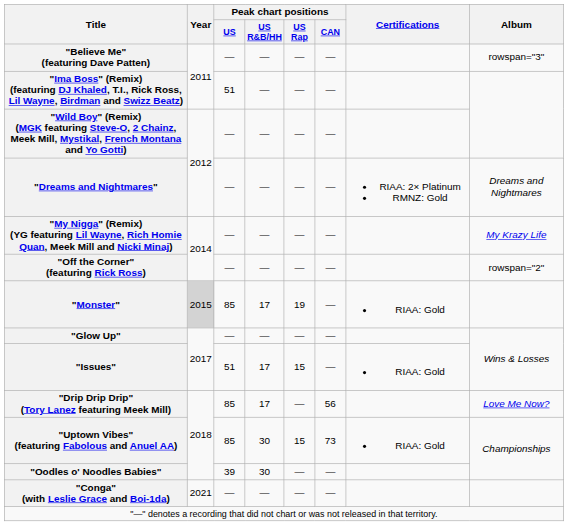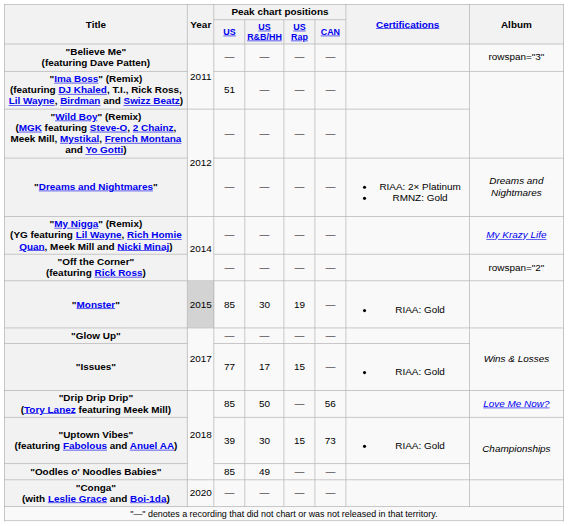 <table class="wikitable plainrowheaders" style="text-align:center;" border="1">
 <tr>
 <th scope="col" rowspan="2" style="width:18em;">Title</th>
 <th scope="col" rowspan="2" style="width:1em;">Year</th>
 <th scope="col" colspan="4">Peak chart positions</th>
 <th scope="col" rowspan="2" style="width:12em;"><a href='#'>Certifications</a></th>
 <th scope="col" rowspan="2" style="width:9em;">Album</th>
 </tr>
 <tr>
 <th style="width:3em; font-size:90%"><a href='#'>US</a><br></th>
 <th style="width:3em; font-size:90%"><a href='#'>US<br>R&B/HH</a><br></th>
 <th style="width:3em; font-size:90%"><a href='#'>US<br>Rap</a><br></th>
 <th style="width:3em; font-size:90%"><a href='#'>CAN</a><br></th>
 </tr>
 <tr>
 <th scope="row">"Believe Me"<br><span>(featuring Dave Patten)</span></th>
 <td rowspan="2">2011</td>
 <td>—</td>
 <td>—</td>
 <td>—</td>
 <td>—</td>
 <td></td>
 <td>rowspan="3" </td>
 </tr>
 <tr>
 <th scope="row">"<a href='#'>Ima Boss</a>" (Remix)<br><span>(featuring <a href='#'>DJ Khaled</a>, T.I., Rick Ross, <a href='#'>Lil Wayne</a>, <a href='#'>Birdman</a> and <a href='#'>Swizz Beatz</a>)</span></th>
 <td>51</td>
 <td>—</td>
 <td>—</td>
 <td>—</td>
 <td></td>
 </tr>
 <tr>
 <th scope="row">"<a href='#'>Wild Boy</a>" (Remix)<br><span>(<a href='#'>MGK</a> featuring <a href='#'>Steve-O</a>, <a href='#'>2 Chainz</a>, Meek Mill, <a href='#'>Mystikal</a>, <a href='#'>French Montana</a> and <a href='#'>Yo Gotti</a>)</span></th>
 <td rowspan="2">2012</td>
 <td>—</td>
 <td>—</td>
 <td>—</td>
 <td>—</td>
 <td></td>
 </tr>
 <tr>
 <th scope="row">"<a href='#'>Dreams and Nightmares</a>"</th>
 <td>—</td>
 <td>—</td>
 <td>—</td>
 <td>—</td>
 <td><br><ul><li>RIAA: 2× Platinum</li><li>RMNZ: Gold</li></ul></td>
 <td><em>Dreams and Nightmares</em></td>
 </tr>
 <tr>
 <th scope="row">"<a href='#'>My Nigga</a>" (Remix)<br><span>(YG featuring <a href='#'>Lil Wayne</a>, <a href='#'>Rich Homie Quan</a>, Meek Mill and <a href='#'>Nicki Minaj</a>)</span></th>
 <td rowspan="2">2014</td>
 <td>—</td>
 <td>—</td>
 <td>—</td>
 <td>—</td>
 <td></td>
 <td><em><a href='#'>My Krazy Life</a></em></td>
 </tr>
 <tr>
 <th scope="row">"Off the Corner"<br><span>(featuring <a href='#'>Rick Ross</a>)</span></th>
 <td>—</td>
 <td>—</td>
 <td>—</td>
 <td>—</td>
 <td></td>
 <td>rowspan="2" </td>
 </tr>
 <tr>
 <th scope="row">"<a href='#'>Monster</a>"</th>
 <td style="background: lightgrey;">2015</td>
 <td>85</td>
-<td>17</td>
+<td>30</td>
 <td>19</td>
 <td>—</td>
 <td><br><ul><li>RIAA: Gold</li></ul></td>
 </tr>
 <tr>
 <th scope="row">"Glow Up"</th>
 <td rowspan="2">2017</td>
 <td>—</td>
 <td>—</td>
 <td>—</td>
 <td>—</td>
 <td></td>
 <td rowspan="2"><em>Wins & Losses</em></td>
 </tr>
 <tr>
 <th scope="row">"Issues"</th>
-<td>51</td>
+<td>77</td>
 <td>17</td>
 <td>15</td>
 <td>—</td>
 <td><br><ul><li>RIAA: Gold</li></ul></td>
 </tr>
 <tr>
 <th scope="row">"Drip Drip Drip"<br><span>(<a href='#'>Tory Lanez</a> featuring Meek Mill)</span></th>
 <td rowspan="3">2018</td>
 <td>85</td>
-<td>17</td>
+<td>50</td>
 <td>—</td>
 <td>56</td>
 <td></td>
 <td><em><a href='#'>Love Me Now?</a></em></td>
 </tr>
 <tr>
 <th scope="row">"Uptown Vibes"<br><span>(featuring <a href='#'>Fabolous</a> and <a href='#'>Anuel AA</a>)</span></th>
-<td>85</td>
+<td>39</td>
 <td>30</td>
 <td>15</td>
 <td>73</td>
 <td><br><ul><li>RIAA: Gold</li></ul></td>
 <td rowspan="2"><em>Championships</em></td>
 </tr>
 <tr>
 <th scope="row">"Oodles o' Noodles Babies"</th>
-<td>39</td>
-<td>30</td>
+<td>85</td>
+<td>49</td>
 <td>—</td>
 <td>—</td>
 <td></td>
 </tr>
 <tr>
 <th scope="row">"Conga" <br><span>(with <a href='#'>Leslie Grace</a> and <a href='#'>Boi-1da</a>)</span></th>
-<td>2021</td>
+<td>2020</td>
 <td>—</td>
 <td>—</td>
 <td>—</td>
 <td>—</td>
 <td></td>
 <td></td>
 </tr>
 <tr>
 <td colspan="11" style="font-size:90%">"—" denotes a recording that did not chart or was not released in that territory.</td>
 </tr>
 </table>
